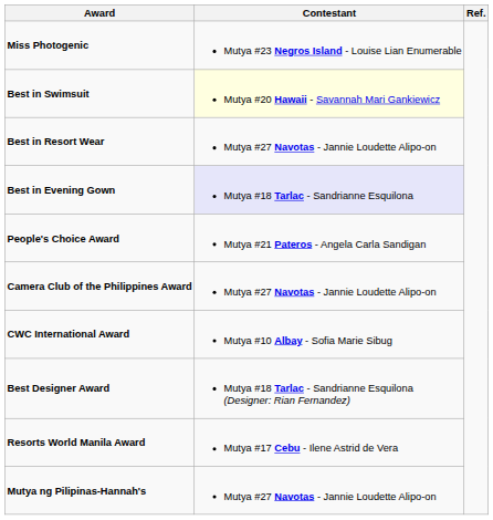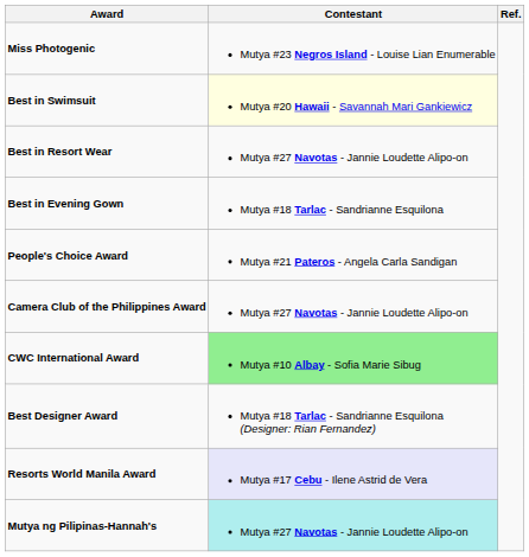 <table class="wikitable " style="font-size: 95%;">
 <tr>
 <th>Award</th>
 <th>Contestant</th>
 <th>Ref.</th>
 </tr>
 <tr>
 <td><strong>Miss Photogenic</strong></td>
 <td><br><ul><li>Mutya #23 <strong><a href='#'>Negros Island</a></strong> - Louise Lian Enumerable</li></ul></td>
 <td rowspan="10"><br><br><br></td>
 </tr>
 <tr>
 <td><strong>Best in Swimsuit</strong></td>
 <td style="background: lightyellow;"><br><ul><li>Mutya #20 <a href='#'><strong>Hawaii</strong></a> - <a href='#'>Savannah Mari Gankiewicz</a></li></ul></td>
 </tr>
 <tr>
 <td><strong>Best in Resort Wear</strong></td>
 <td><br><ul><li>Mutya #27 <strong><a href='#'>Navotas</a></strong> - Jannie Loudette Alipo-on</li></ul></td>
 </tr>
 <tr>
 <td><strong>Best in Evening Gown</strong></td>
-<td style="background: lavender;"><br><ul><li>Mutya #18 <strong><a href='#'>Tarlac</a></strong> - Sandrianne Esquilona</li></ul></td>
+<td><br><ul><li>Mutya #18 <strong><a href='#'>Tarlac</a></strong> - Sandrianne Esquilona</li></ul></td>
 </tr>
 <tr>
 <td><strong>People's Choice Award</strong></td>
 <td><br><ul><li>Mutya #21 <strong><a href='#'>Pateros</a></strong> - Angela Carla Sandigan</li></ul></td>
 </tr>
 <tr>
 <td><strong>Camera Club of the Philippines Award</strong></td>
 <td><br><ul><li>Mutya #27 <strong><a href='#'>Navotas</a></strong> - Jannie Loudette Alipo-on</li></ul></td>
 </tr>
 <tr>
 <td><strong>CWC International Award</strong></td>
-<td><br><ul><li>Mutya #10 <strong><a href='#'>Albay</a></strong> - Sofia Marie Sibug</li></ul></td>
+<td style="background: lightgreen;"><br><ul><li>Mutya #10 <strong><a href='#'>Albay</a></strong> - Sofia Marie Sibug</li></ul></td>
 </tr>
 <tr>
 <td><strong>Best Designer Award</strong></td>
 <td><br><ul><li>Mutya #18 <strong><a href='#'>Tarlac</a></strong> - Sandrianne Esquilona<br><em>(Designer: Rian Fernandez)</em></li></ul></td>
 </tr>
 <tr>
 <td><strong>Resorts World Manila Award</strong></td>
-<td><br><ul><li>Mutya #17 <strong><a href='#'>Cebu</a></strong> - Ilene Astrid de Vera</li></ul></td>
+<td style="background: lavender;"><br><ul><li>Mutya #17 <strong><a href='#'>Cebu</a></strong> - Ilene Astrid de Vera</li></ul></td>
 </tr>
 <tr>
 <td><strong>Mutya ng Pilipinas-Hannah's</strong></td>
-<td><br><ul><li>Mutya #27 <strong><a href='#'>Navotas</a></strong> - Jannie Loudette Alipo-on</li></ul></td>
+<td style="background: paleturquoise;"><br><ul><li>Mutya #27 <strong><a href='#'>Navotas</a></strong> - Jannie Loudette Alipo-on</li></ul></td>
 </tr>
 </table>
